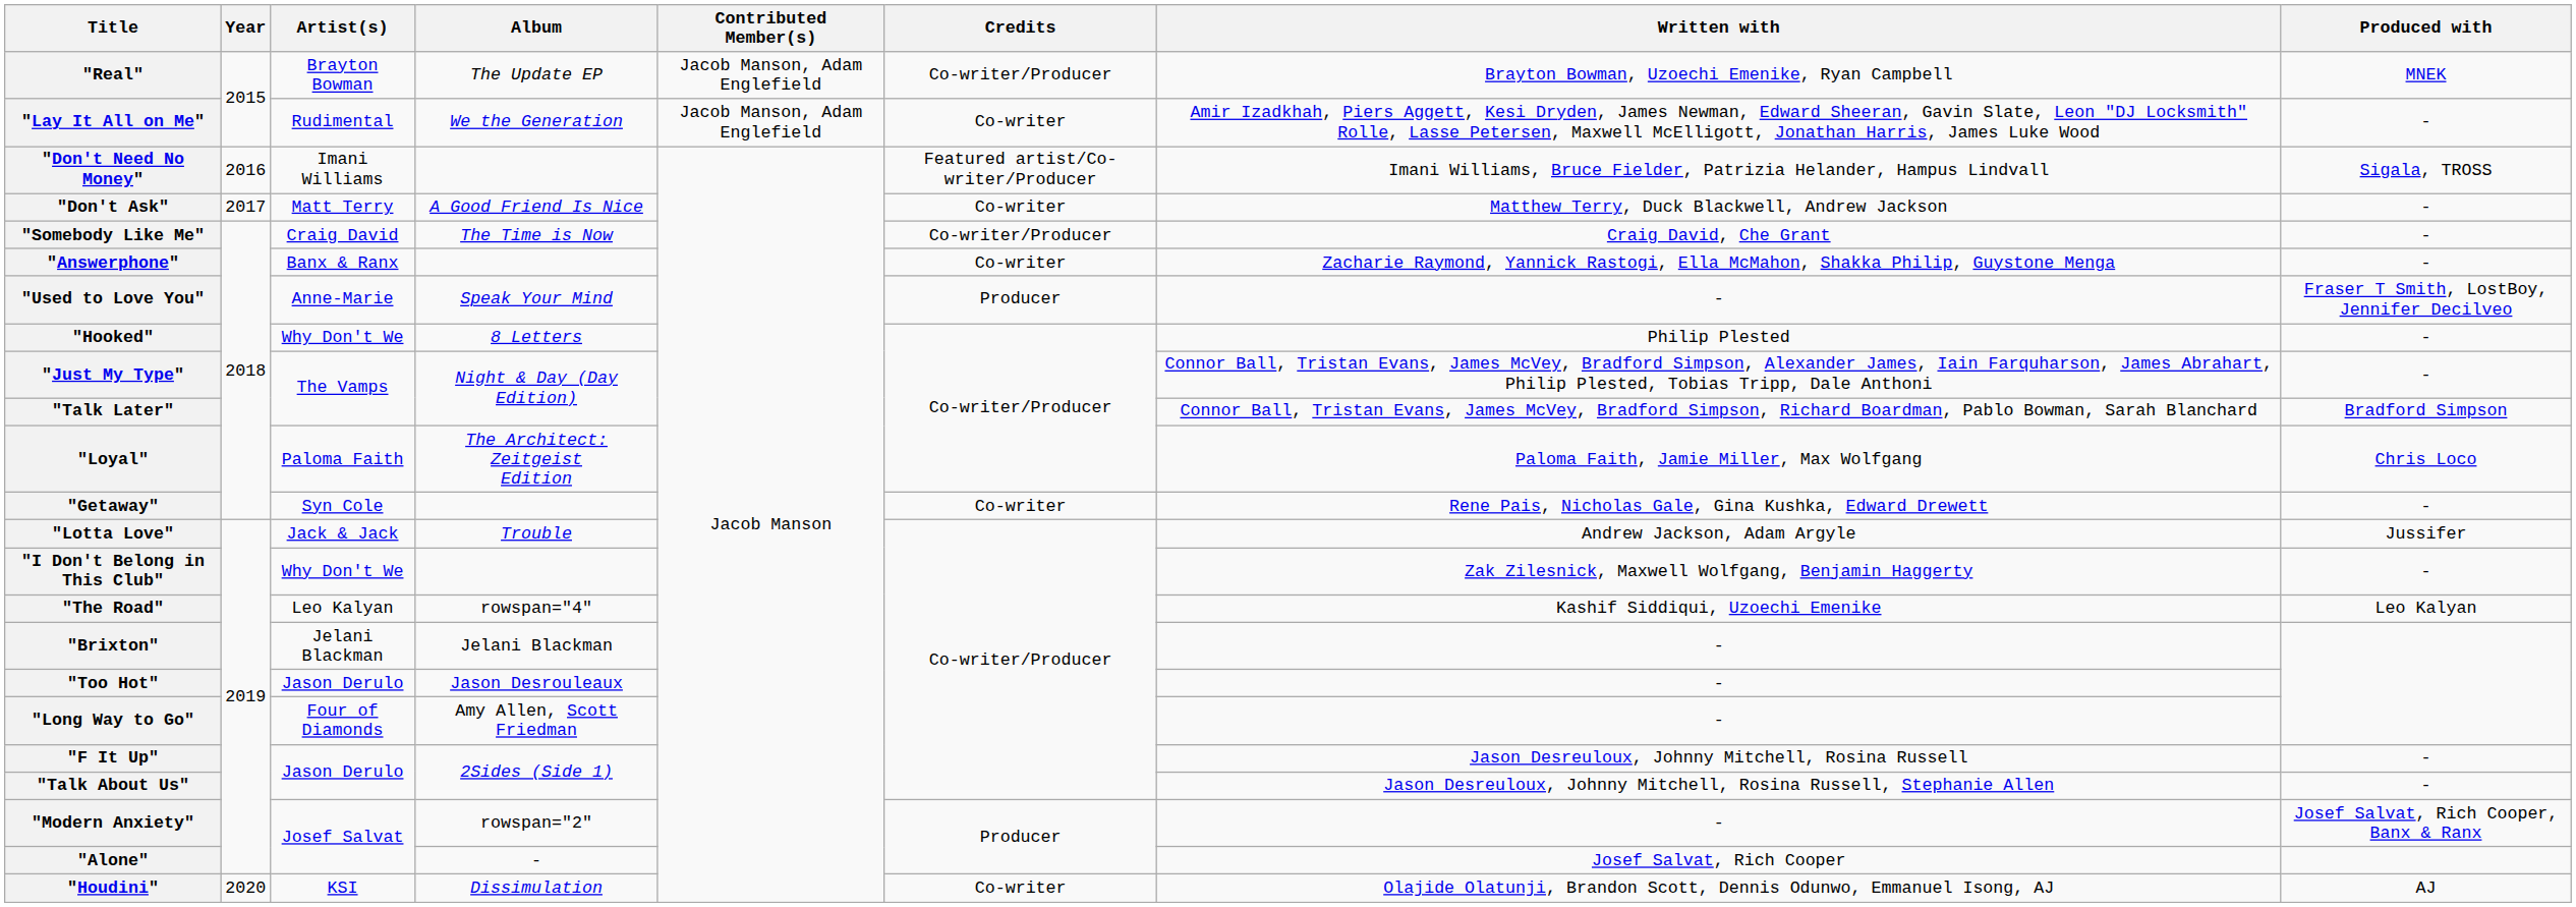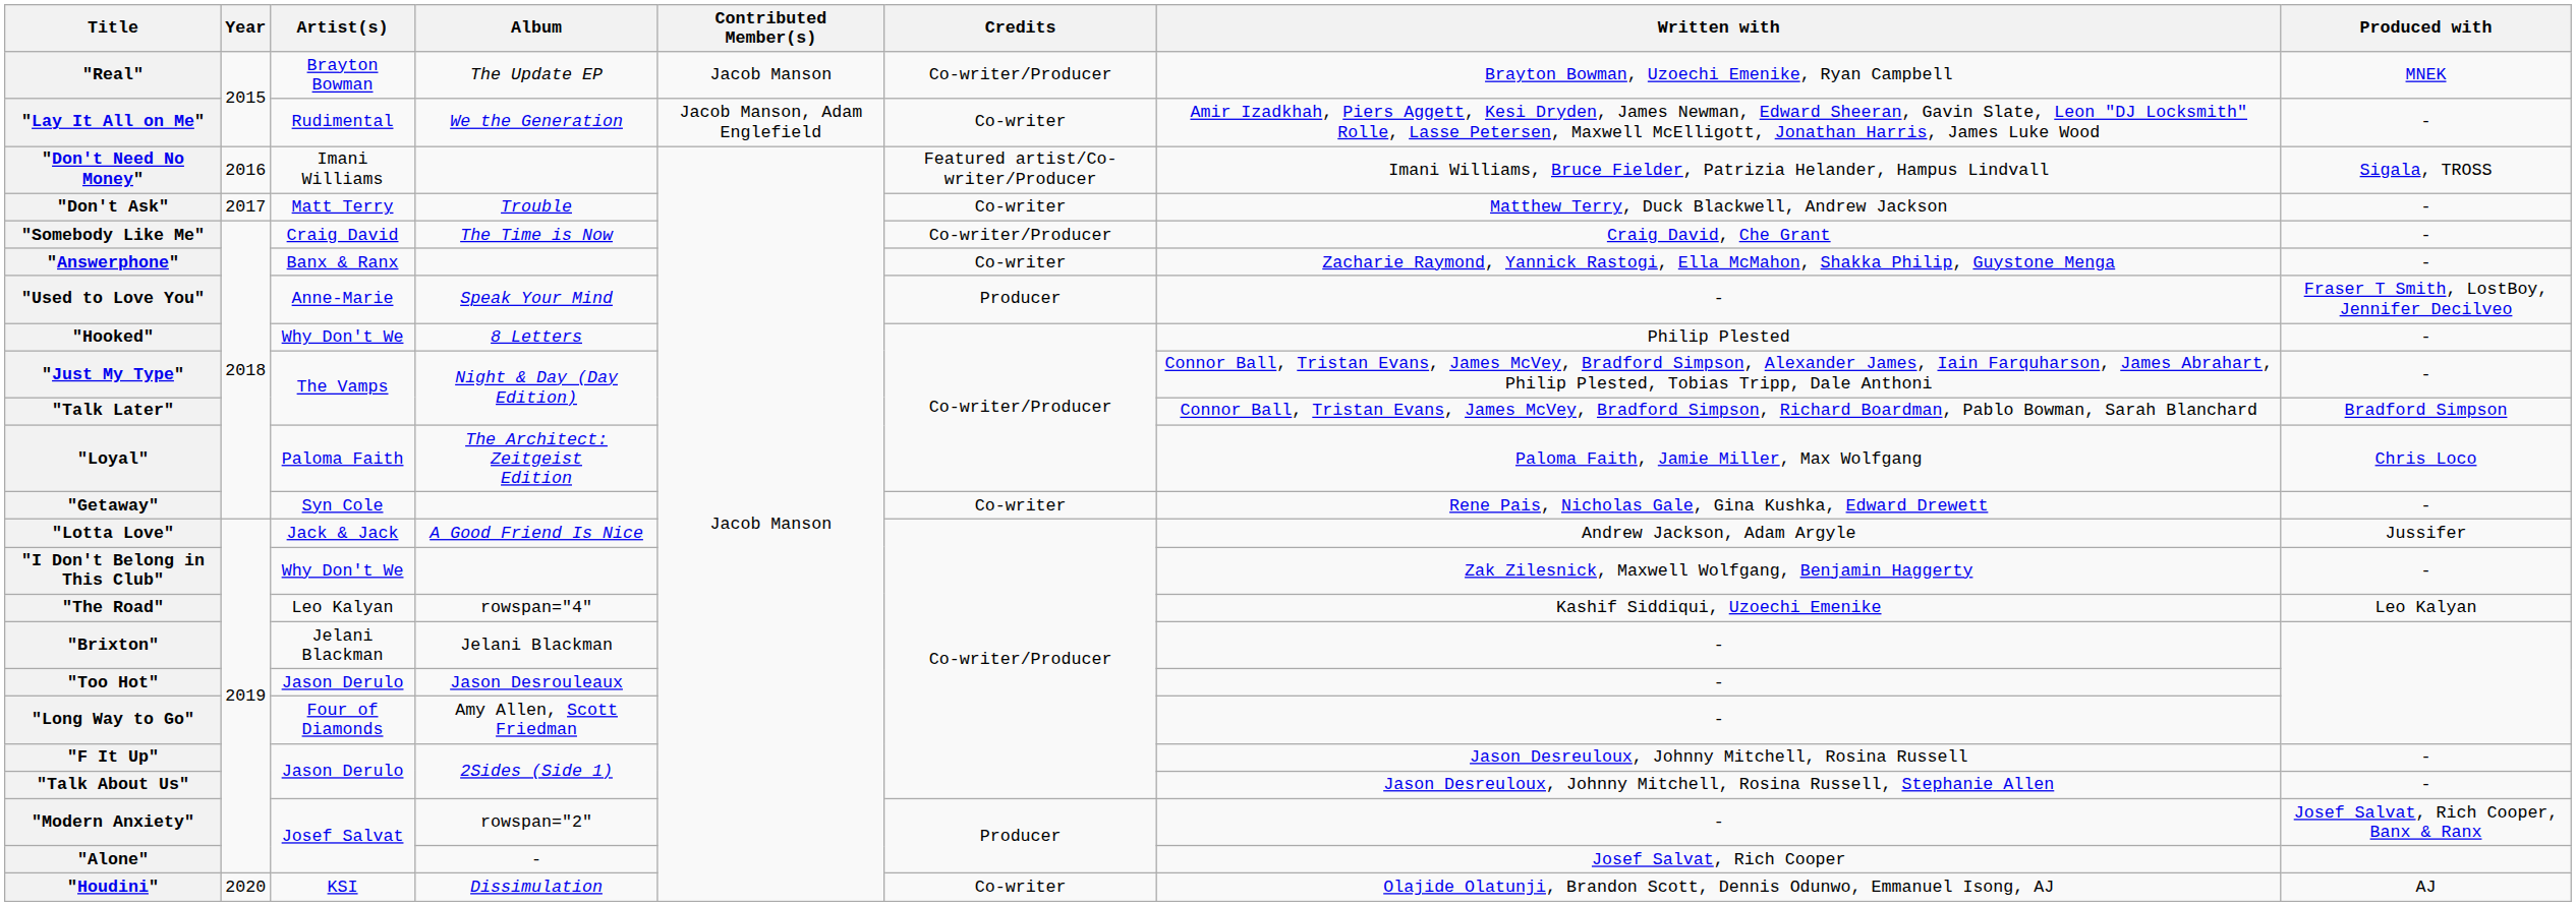 <table class="wikitable plainrowheaders" style="text-align:center;">
 <tr>
 <th scope="col" style="width:160px;">Title</th>
 <th scope="col">Year</th>
 <th scope="col">Artist(s)</th>
 <th scope="col" style="width:180px;">Album</th>
 <th scope="col">Contributed<br>Member(s)</th>
 <th scope="col">Credits</th>
 <th scope="col">Written with</th>
 <th scope="col">Produced with</th>
 </tr>
 <tr>
 <th scope="row">"Real"</th>
 <td rowspan="2">2015</td>
 <td><a href='#'>Brayton Bowman</a></td>
 <td><em>The Update EP</em></td>
-<td>Jacob Manson, Adam Englefield</td>
+<td>Jacob Manson</td>
 <td>Co-writer/Producer</td>
 <td><a href='#'>Brayton Bowman</a>, <a href='#'>Uzoechi Emenike</a>, Ryan Campbell</td>
 <td><a href='#'>MNEK</a></td>
 </tr>
 <tr>
 <th scope="row">"<a href='#'>Lay It All on Me</a>"<br></th>
 <td><a href='#'>Rudimental</a></td>
 <td><em><a href='#'>We the Generation</a></em></td>
 <td>Jacob Manson, Adam Englefield</td>
 <td>Co-writer</td>
 <td><a href='#'>Amir Izadkhah</a>, <a href='#'>Piers Aggett</a>, <a href='#'>Kesi Dryden</a>, James Newman, <a href='#'>Edward Sheeran</a>, Gavin Slate, <a href='#'>Leon "DJ Locksmith" Rolle</a>, <a href='#'>Lasse Petersen</a>, Maxwell McElligott, <a href='#'>Jonathan Harris</a>, James Luke Wood</td>
 <td>-</td>
 </tr>
 <tr>
 <th scope="row">"<a href='#'>Don't Need No Money</a>"<br></th>
 <td>2016</td>
 <td>Imani Williams</td>
 <td></td>
 <td rowspan="21">Jacob Manson</td>
 <td>Featured artist/Co-writer/Producer</td>
 <td>Imani Williams, <a href='#'>Bruce Fielder</a>, Patrizia Helander, Hampus Lindvall</td>
 <td><a href='#'>Sigala</a>, TROSS</td>
 </tr>
 <tr>
 <th scope="row">"Don't Ask"</th>
 <td>2017</td>
 <td><a href='#'>Matt Terry</a></td>
-<td><em><a href='#'>A Good Friend Is Nice</a></em></td>
+<td><em><a href='#'>Trouble</a></em></td>
 <td>Co-writer</td>
 <td><a href='#'>Matthew Terry</a>, Duck Blackwell, Andrew Jackson</td>
 <td>-</td>
 </tr>
 <tr>
 <th scope="row">"Somebody Like Me"<br></th>
 <td rowspan="8">2018</td>
 <td><a href='#'>Craig David</a></td>
 <td><em><a href='#'>The Time is Now</a></em></td>
 <td>Co-writer/Producer</td>
 <td><a href='#'>Craig David</a>, <a href='#'>Che Grant</a></td>
 <td>-</td>
 </tr>
 <tr>
 <th scope="row">"<a href='#'>Answerphone</a>"<br></th>
 <td><a href='#'>Banx & Ranx</a></td>
 <td></td>
 <td>Co-writer</td>
 <td><a href='#'>Zacharie Raymond</a>, <a href='#'>Yannick Rastogi</a>, <a href='#'>Ella McMahon</a>, <a href='#'>Shakka Philip</a>, <a href='#'>Guystone Menga</a></td>
 <td>-</td>
 </tr>
 <tr>
 <th scope="row">"Used to Love You"</th>
 <td><a href='#'>Anne-Marie</a></td>
 <td><em><a href='#'>Speak Your Mind</a></em></td>
 <td>Producer</td>
 <td>-</td>
 <td><a href='#'>Fraser T Smith</a>, LostBoy, <a href='#'>Jennifer Decilveo</a></td>
 </tr>
 <tr>
 <th scope="row">"Hooked"</th>
 <td><a href='#'>Why Don't We</a></td>
 <td><em><a href='#'>8 Letters</a></em></td>
 <td rowspan="4">Co-writer/Producer</td>
 <td>Philip Plested</td>
 <td>-</td>
 </tr>
 <tr>
 <th scope="row">"<a href='#'>Just My Type</a>"</th>
 <td rowspan="2"><a href='#'>The Vamps</a></td>
 <td rowspan="2"><em><a href='#'>Night & Day (Day Edition)</a></em></td>
 <td><a href='#'>Connor Ball</a>, <a href='#'>Tristan Evans</a>, <a href='#'>James McVey</a>, <a href='#'>Bradford Simpson</a>, <a href='#'>Alexander James</a>, <a href='#'>Iain Farquharson</a>, <a href='#'>James Abrahart</a>, Philip Plested, Tobias Tripp, Dale Anthoni</td>
 <td>-</td>
 </tr>
 <tr>
 <th scope="row">"Talk Later"</th>
 <td><a href='#'>Connor Ball</a>, <a href='#'>Tristan Evans</a>, <a href='#'>James McVey</a>, <a href='#'>Bradford Simpson</a>, <a href='#'>Richard Boardman</a>, Pablo Bowman, Sarah Blanchard</td>
 <td><a href='#'>Bradford Simpson</a></td>
 </tr>
 <tr>
 <th scope="row">"Loyal"</th>
 <td><a href='#'>Paloma Faith</a></td>
 <td><em><a href='#'>The Architect: Zeitgeist<br>Edition</a></em></td>
 <td><a href='#'>Paloma Faith</a>, <a href='#'>Jamie Miller</a>, Max Wolfgang</td>
 <td><a href='#'>Chris Loco</a></td>
 </tr>
 <tr>
 <th scope="row">"Getaway"</th>
 <td><a href='#'>Syn Cole</a></td>
 <td></td>
 <td>Co-writer</td>
 <td><a href='#'>Rene Pais</a>, <a href='#'>Nicholas Gale</a>, Gina Kushka, <a href='#'>Edward Drewett</a></td>
 <td>-</td>
 </tr>
 <tr>
 <th scope="row">"Lotta Love"</th>
 <td rowspan="10">2019</td>
 <td><a href='#'>Jack & Jack</a></td>
-<td><em><a href='#'>Trouble</a></em></td>
+<td><em><a href='#'>A Good Friend Is Nice</a></em></td>
 <td rowspan="8">Co-writer/Producer</td>
 <td>Andrew Jackson, Adam Argyle</td>
 <td>Jussifer</td>
 </tr>
 <tr>
 <th scope="row">"I Don't Belong in This Club"<br></th>
 <td><a href='#'>Why Don't We</a></td>
 <td></td>
 <td><a href='#'>Zak Zilesnick</a>, Maxwell Wolfgang, <a href='#'>Benjamin Haggerty</a></td>
 <td>-</td>
 </tr>
 <tr>
 <th scope="row">"The Road"</th>
 <td>Leo Kalyan</td>
 <td>rowspan="4" </td>
 <td>Kashif Siddiqui, <a href='#'>Uzoechi Emenike</a></td>
 <td>Leo Kalyan</td>
 </tr>
 <tr>
 <th scope="row">"Brixton"</th>
 <td>Jelani Blackman</td>
 <td>Jelani Blackman</td>
 <td>-</td>
 </tr>
 <tr>
 <th scope="row">"Too Hot"</th>
 <td><a href='#'>Jason Derulo</a></td>
 <td><a href='#'>Jason Desrouleaux</a></td>
 <td>-</td>
 </tr>
 <tr>
 <th scope="row">"Long Way to Go"</th>
 <td><a href='#'>Four of Diamonds</a></td>
 <td>Amy Allen, <a href='#'>Scott Friedman</a></td>
 <td>-</td>
 </tr>
 <tr>
 <th scope="row">"F It Up"</th>
 <td rowspan="2"><a href='#'>Jason Derulo</a></td>
 <td rowspan="2"><em><a href='#'>2Sides (Side 1)</a></em></td>
 <td><a href='#'>Jason Desreuloux</a>, Johnny Mitchell, Rosina Russell</td>
 <td>-</td>
 </tr>
 <tr>
 <th scope="row">"Talk About Us"<br></th>
 <td><a href='#'>Jason Desreuloux</a>, Johnny Mitchell, Rosina Russell, <a href='#'>Stephanie Allen</a></td>
 <td>-</td>
 </tr>
 <tr>
 <th scope="row">"Modern Anxiety"</th>
 <td rowspan="2"><a href='#'>Josef Salvat</a></td>
 <td>rowspan="2" </td>
 <td rowspan="2">Producer</td>
 <td>-</td>
 <td><a href='#'>Josef Salvat</a>, Rich Cooper, <a href='#'>Banx & Ranx</a></td>
 </tr>
 <tr>
 <th scope="row">"Alone"</th>
 <td>-</td>
 <td><a href='#'>Josef Salvat</a>, Rich Cooper</td>
 </tr>
 <tr>
 <th scope="row">"<a href='#'>Houdini</a>"<br></th>
 <td>2020</td>
 <td><a href='#'>KSI</a></td>
 <td><a href='#'><em>Dissimulation</em></a></td>
 <td>Co-writer</td>
 <td><a href='#'>Olajide Olatunji</a>, Brandon Scott, Dennis Odunwo, Emmanuel Isong, AJ</td>
 <td>AJ</td>
 </tr>
 <tr>
 </tr>
 </table>
